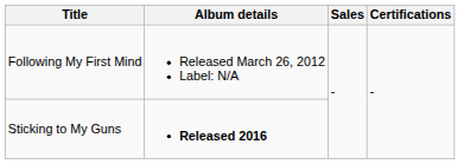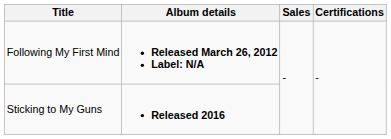 <table class="wikitable sortable">
 <tr>
 <th>Title</th>
 <th>Album details</th>
 <th>Sales</th>
 <th>Certifications</th>
 </tr>
 <tr>
 <td>Following My First Mind</td>
-<td><br><ul><li>Released March 26, 2012</li><li>Label: N/A</li></ul></td>
+<td><strong><br><ul><li>Released March 26, 2012</li><li>Label: N/A</li></ul></strong></td>
 <td rowspan="2">-</td>
 <td rowspan="2">-</td>
 </tr>
 <tr>
 <td>Sticking to My Guns</td>
 <td><strong><br><ul><li>Released 2016</li></ul></strong></td>
 </tr>
 </table>
